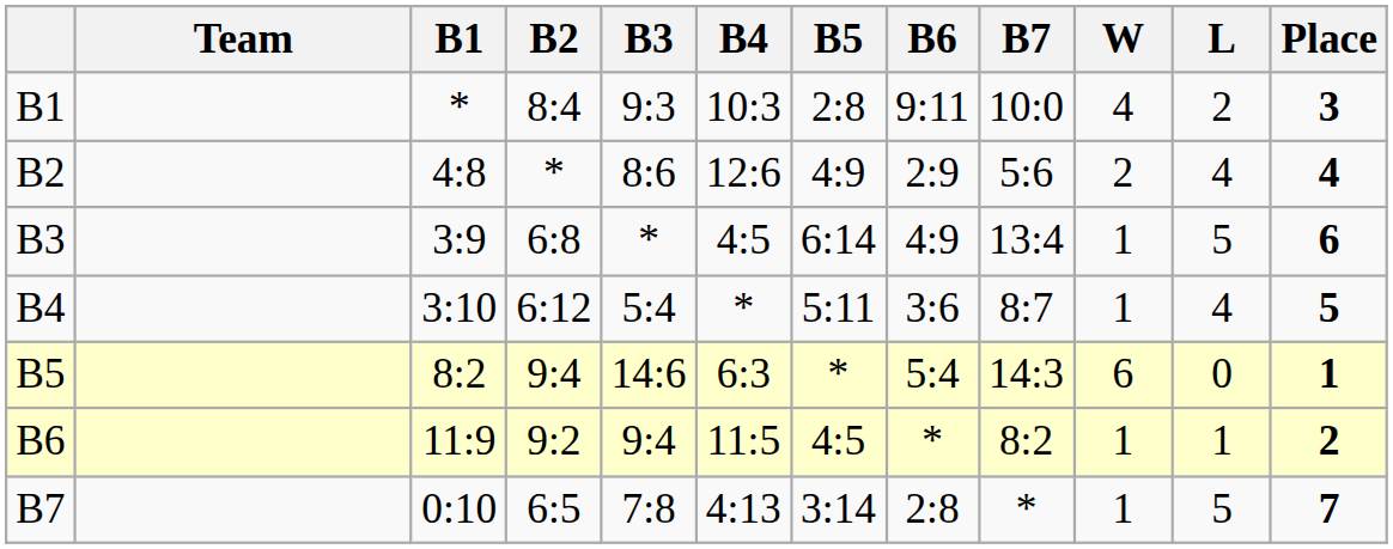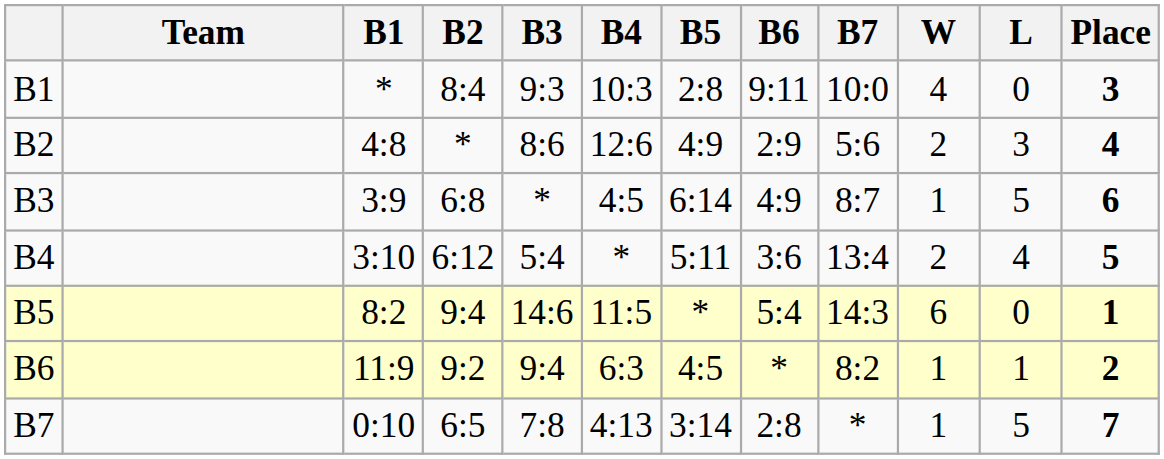 <table class="wikitable" style="text-align:center;">
 <tr>
 <th></th>
 <th width="120">Team</th>
 <th width="25">B1</th>
 <th width="25">B2</th>
 <th width="25">B3</th>
 <th width="25">B4</th>
 <th width="25">B5</th>
 <th width="25">B6</th>
 <th width="25">B7</th>
 <th width="30">W</th>
 <th width="30">L</th>
 <th>Place</th>
 </tr>
 <tr>
 <td>B1</td>
 <td align=left></td>
 <td>*</td>
 <td>8:4</td>
 <td>9:3</td>
 <td>10:3</td>
 <td>2:8</td>
 <td>9:11</td>
 <td>10:0</td>
 <td>4</td>
-<td>2</td>
+<td>0</td>
 <td><strong>3</strong></td>
 </tr>
 <tr>
 <td>B2</td>
 <td align=left></td>
 <td>4:8</td>
 <td>*</td>
 <td>8:6</td>
 <td>12:6</td>
 <td>4:9</td>
 <td>2:9</td>
 <td>5:6</td>
 <td>2</td>
-<td>4</td>
+<td>3</td>
 <td><strong>4</strong></td>
 </tr>
 <tr>
 <td>B3</td>
 <td align=left></td>
 <td>3:9</td>
 <td>6:8</td>
 <td>*</td>
 <td>4:5</td>
 <td>6:14</td>
 <td>4:9</td>
-<td>13:4</td>
+<td>8:7</td>
 <td>1</td>
 <td>5</td>
 <td><strong>6</strong></td>
 </tr>
 <tr>
 <td>B4</td>
 <td align=left></td>
 <td>3:10</td>
 <td>6:12</td>
 <td>5:4</td>
 <td>*</td>
 <td>5:11</td>
 <td>3:6</td>
-<td>8:7</td>
-<td>1</td>
+<td>13:4</td>
+<td>2</td>
 <td>4</td>
 <td><strong>5</strong></td>
 </tr>
 <tr bgcolor=#ffffcc>
 <td>B5</td>
 <td align=left></td>
 <td>8:2</td>
 <td>9:4</td>
 <td>14:6</td>
-<td>6:3</td>
+<td>11:5</td>
 <td>*</td>
 <td>5:4</td>
 <td>14:3</td>
 <td>6</td>
 <td>0</td>
 <td><strong>1</strong></td>
 </tr>
 <tr bgcolor=#ffffcc>
 <td>B6</td>
 <td align=left></td>
 <td>11:9</td>
 <td>9:2</td>
 <td>9:4</td>
-<td>11:5</td>
+<td>6:3</td>
 <td>4:5</td>
 <td>*</td>
 <td>8:2</td>
 <td>1</td>
 <td>1</td>
 <td><strong>2</strong></td>
 </tr>
 <tr>
 <td>B7</td>
 <td align=left></td>
 <td>0:10</td>
 <td>6:5</td>
 <td>7:8</td>
 <td>4:13</td>
 <td>3:14</td>
 <td>2:8</td>
 <td>*</td>
 <td>1</td>
 <td>5</td>
 <td><strong>7</strong></td>
 </tr>
 </table>
